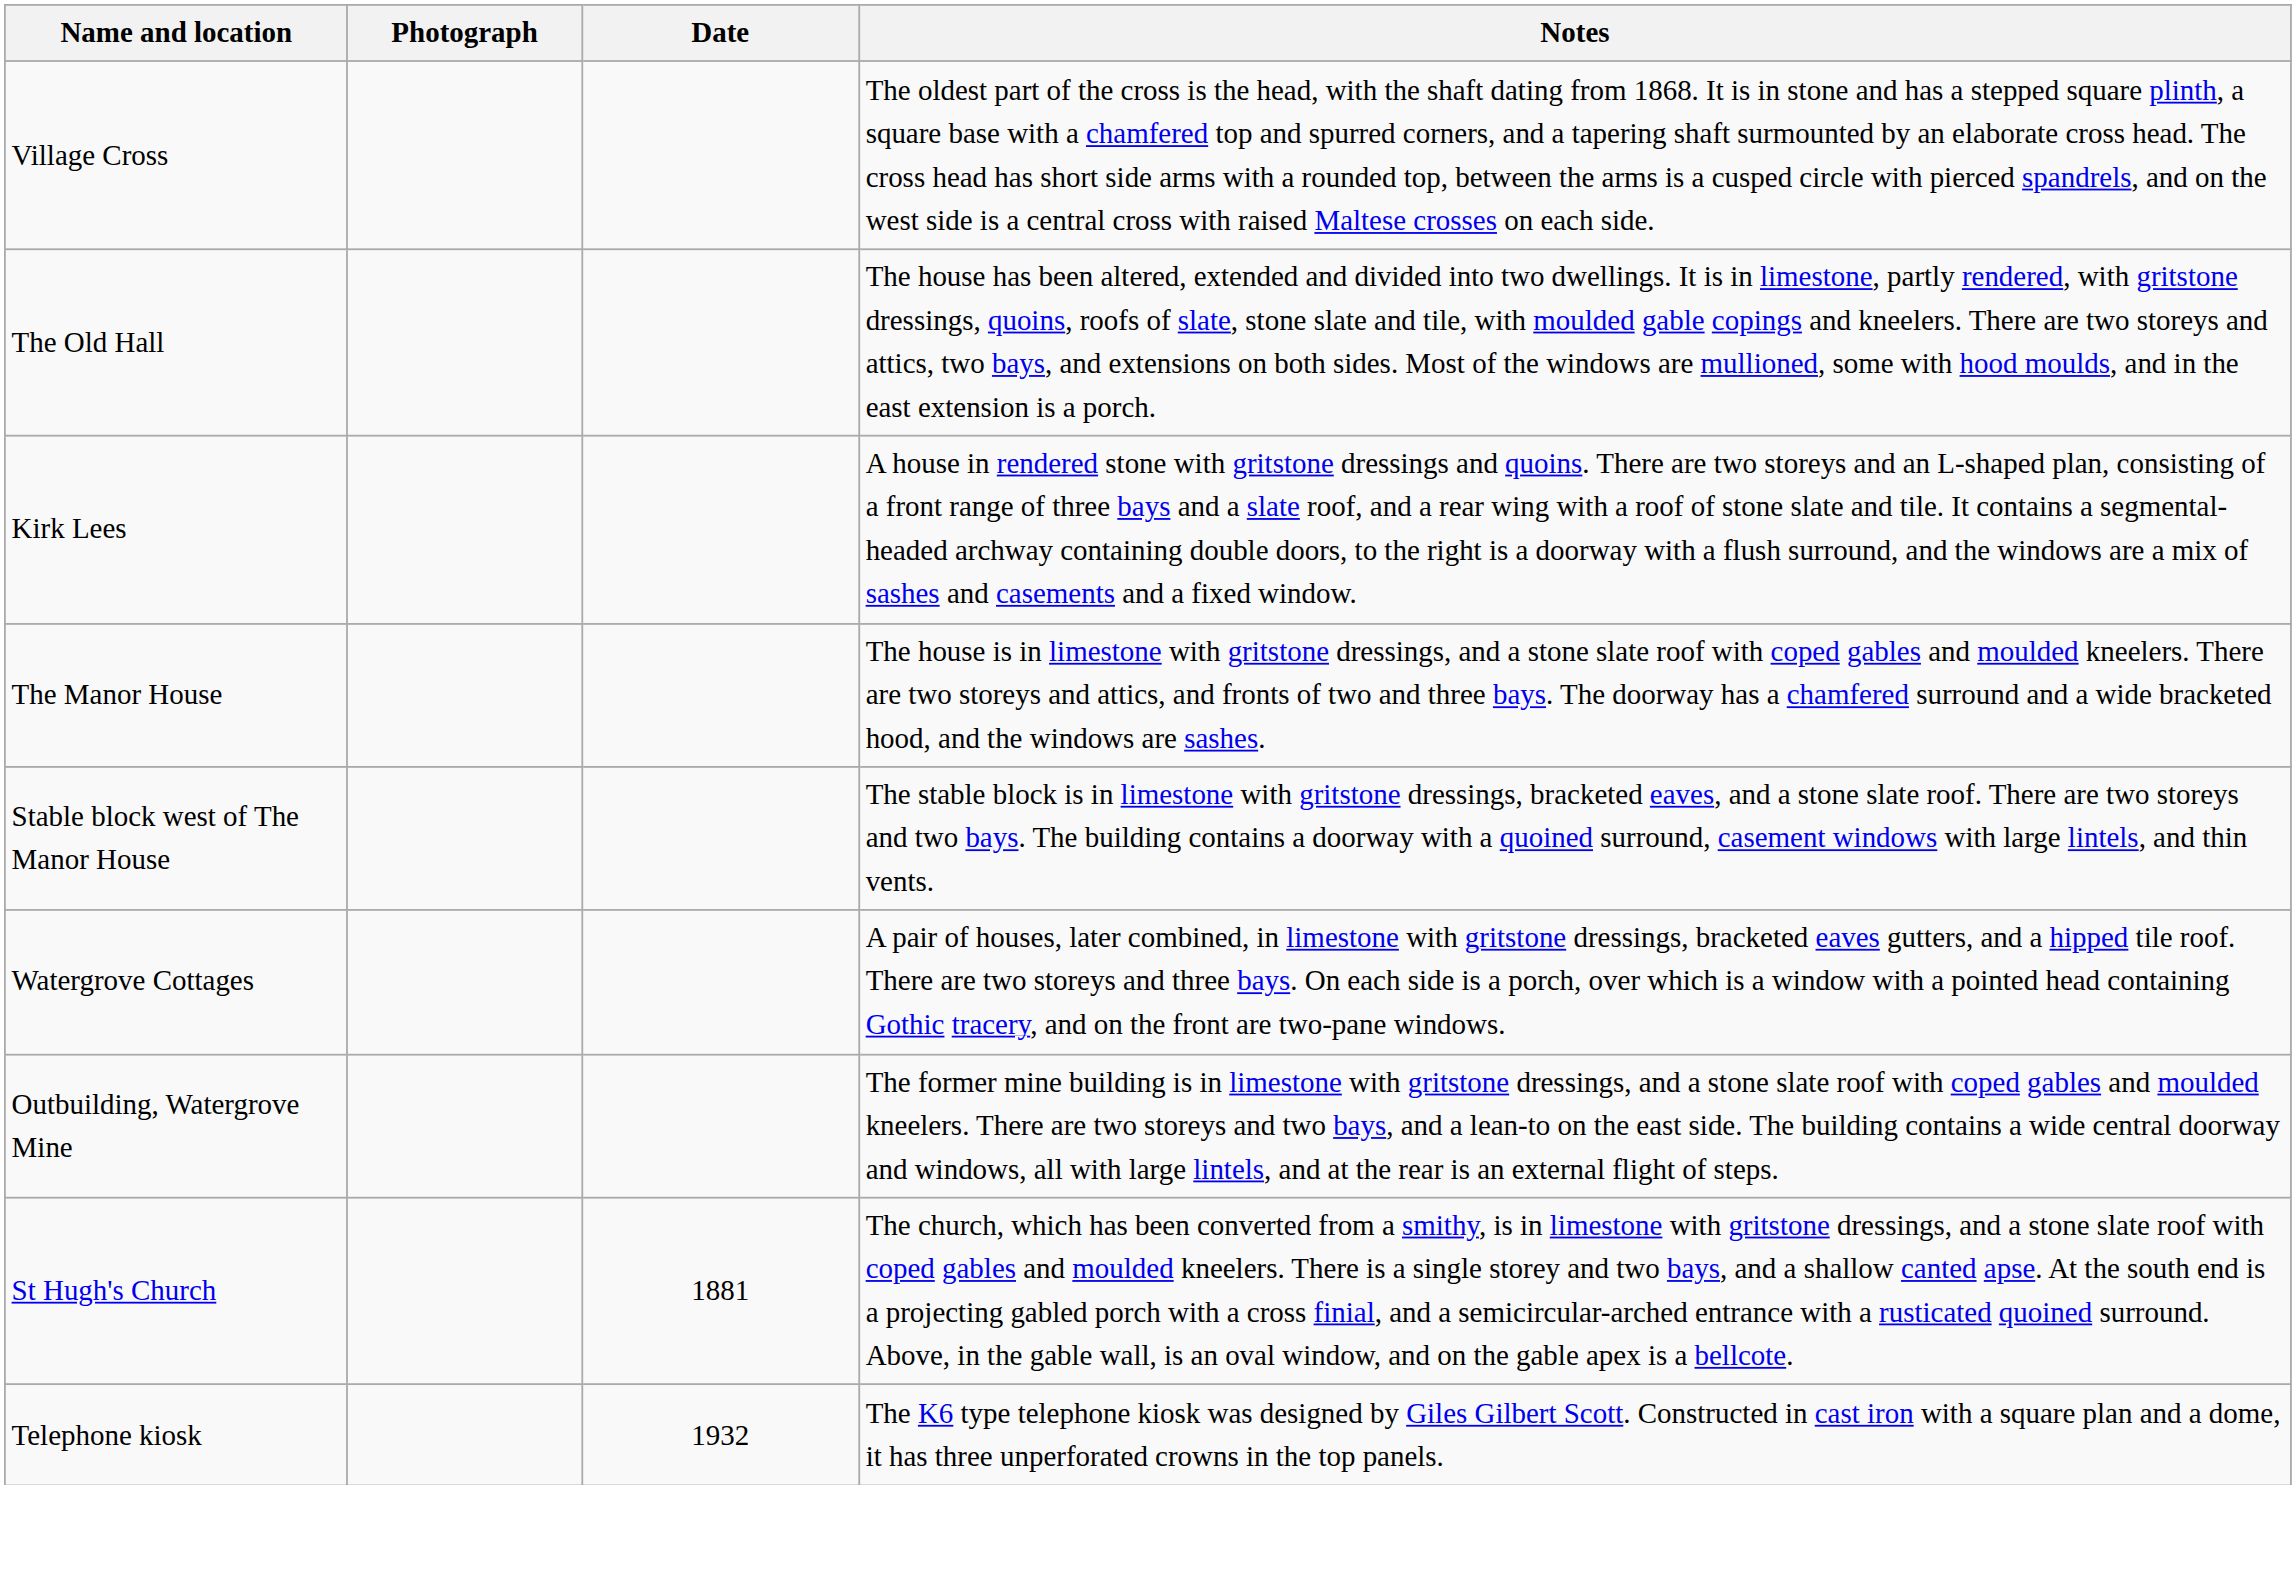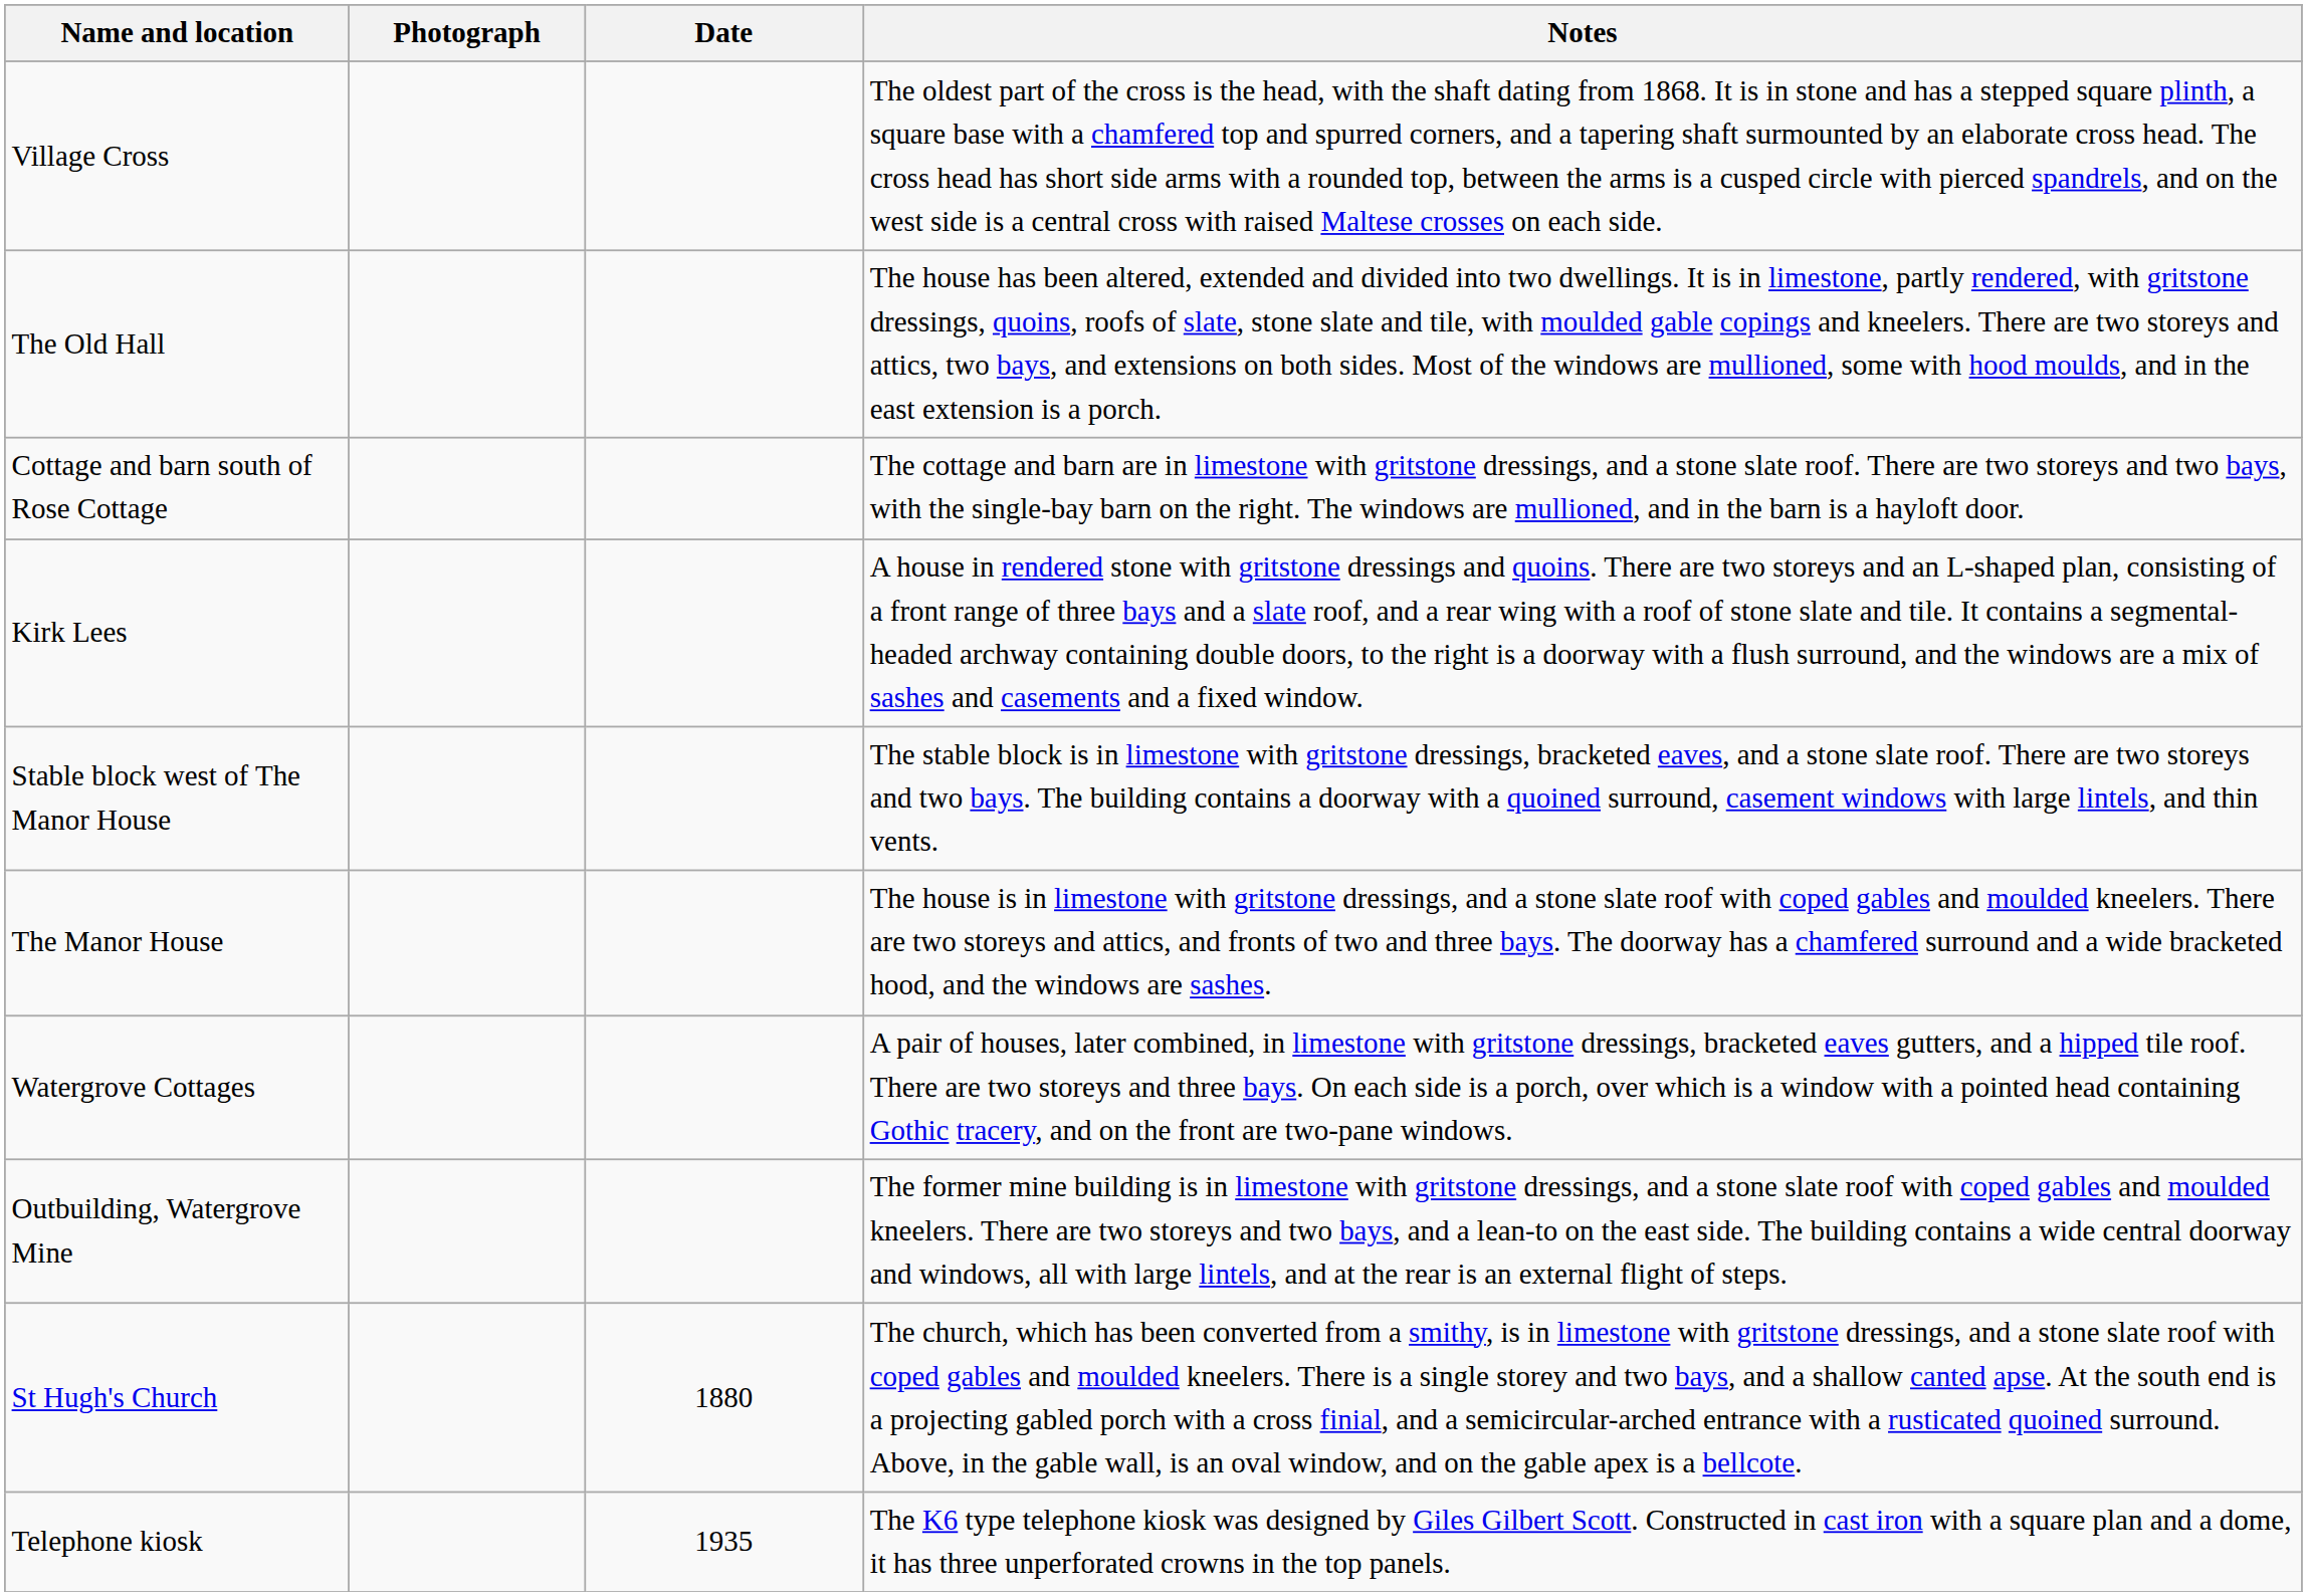 <table class="wikitable sortable plainrowheaders" style="width:100%;border:0px;text-align:left;line-height:150%;">
 <tr>
 <th scope="col"  style="width:150px">Name and location</th>
 <th scope="col"  style="width:100px" class="unsortable">Photograph</th>
 <th scope="col"  style="width:120px">Date</th>
 <th scope="col"  style="width:650px" class="unsortable">Notes</th>
 </tr>
 <tr>
 <td>Village Cross<br><small></small></td>
 <td></td>
 <td align="center"></td>
 <td>The oldest part of the cross is the head, with the shaft dating from 1868.  It is in stone and has a stepped square <a href='#'>plinth</a>, a square base with a <a href='#'>chamfered</a> top and spurred corners, and a tapering shaft surmounted by an elaborate cross head.  The cross head has short side arms with a rounded top, between the arms is a cusped circle with pierced <a href='#'>spandrels</a>, and on the west side is a central cross with raised <a href='#'>Maltese crosses</a> on each side.</td>
 </tr>
 <tr>
 <td>The Old Hall<br><small></small></td>
 <td></td>
 <td align="center"></td>
 <td>The house has been altered, extended and divided into two dwellings.  It is in <a href='#'>limestone</a>, partly <a href='#'>rendered</a>, with <a href='#'>gritstone</a> dressings, <a href='#'>quoins</a>, roofs of <a href='#'>slate</a>, stone slate and tile, with <a href='#'>moulded</a> <a href='#'>gable</a> <a href='#'>copings</a> and kneelers.  There are two storeys and attics, two <a href='#'>bays</a>, and extensions on both sides.  Most of the windows are <a href='#'>mullioned</a>, some with <a href='#'>hood moulds</a>, and in the east extension is a porch.</td>
 </tr>
 <tr>
+<td>Cottage and barn south of Rose Cottage<br><small></small></td>
+<td></td>
+<td align="center"></td>
+<td>The cottage and barn are in <a href='#'>limestone</a> with <a href='#'>gritstone</a> dressings, and a stone slate roof.  There are two storeys and two <a href='#'>bays</a>, with the single-bay barn on the right.  The windows are <a href='#'>mullioned</a>, and in the barn is a hayloft door.</td>
+</tr>
+<tr>
 <td>Kirk Lees<br><small></small></td>
 <td></td>
 <td align="center"></td>
 <td>A house in <a href='#'>rendered</a> stone with <a href='#'>gritstone</a> dressings and <a href='#'>quoins</a>.  There are two storeys and an L-shaped plan, consisting of a front range of three <a href='#'>bays</a> and a <a href='#'>slate</a> roof, and a rear wing with a roof of stone slate and tile.  It contains a segmental-headed archway containing double doors, to the right is a doorway with a flush surround, and the windows are a mix of <a href='#'>sashes</a> and <a href='#'>casements</a> and a fixed window.</td>
 </tr>
 <tr>
+<td>Stable block west of The Manor House<br><small></small></td>
+<td></td>
+<td align="center"></td>
+<td>The stable block is in <a href='#'>limestone</a> with <a href='#'>gritstone</a> dressings, bracketed <a href='#'>eaves</a>, and a stone slate roof.  There are two storeys and two <a href='#'>bays</a>. The building contains a doorway with a <a href='#'>quoined</a> surround, <a href='#'>casement windows</a> with large <a href='#'>lintels</a>, and thin vents.</td>
+</tr>
+<tr>
 <td>The Manor House<br><small></small></td>
 <td></td>
 <td align="center"></td>
 <td>The house is in <a href='#'>limestone</a> with <a href='#'>gritstone</a> dressings, and a stone slate roof with <a href='#'>coped</a> <a href='#'>gables</a> and <a href='#'>moulded</a> kneelers. There are two storeys and attics, and fronts of two and three <a href='#'>bays</a>.  The doorway has a <a href='#'>chamfered</a> surround and a wide bracketed hood, and the windows are <a href='#'>sashes</a>.</td>
-</tr>
-<tr>
-<td>Stable block west of The Manor House<br><small></small></td>
-<td></td>
-<td align="center"></td>
-<td>The stable block is in <a href='#'>limestone</a> with <a href='#'>gritstone</a> dressings, bracketed <a href='#'>eaves</a>, and a stone slate roof.  There are two storeys and two <a href='#'>bays</a>. The building contains a doorway with a <a href='#'>quoined</a> surround, <a href='#'>casement windows</a> with large <a href='#'>lintels</a>, and thin vents.</td>
 </tr>
 <tr>
 <td>Watergrove Cottages<br><small></small></td>
 <td></td>
 <td align="center"></td>
 <td>A pair of houses, later combined, in <a href='#'>limestone</a> with <a href='#'>gritstone</a> dressings, bracketed <a href='#'>eaves</a> gutters, and a <a href='#'>hipped</a> tile roof.  There are two storeys and three <a href='#'>bays</a>.  On each side is a porch, over which is a window with a pointed head containing <a href='#'>Gothic</a> <a href='#'>tracery</a>, and on the front are two-pane windows.</td>
 </tr>
 <tr>
 <td>Outbuilding, Watergrove Mine<br><small></small></td>
 <td></td>
 <td align="center"></td>
 <td>The former mine building is in <a href='#'>limestone</a> with <a href='#'>gritstone</a> dressings, and a stone slate roof with <a href='#'>coped</a> <a href='#'>gables</a> and <a href='#'>moulded</a> kneelers. There are two storeys and two <a href='#'>bays</a>, and a lean-to on the east side.  The building contains a wide central doorway and windows, all with large <a href='#'>lintels</a>, and at the rear is an external flight of steps.</td>
 </tr>
 <tr>
 <td><a href='#'>St Hugh's Church</a><br><small></small></td>
 <td></td>
-<td align="center">1881</td>
+<td align="center">1880</td>
 <td>The church, which has been converted from a <a href='#'>smithy</a>, is in <a href='#'>limestone</a> with <a href='#'>gritstone</a> dressings, and a stone slate roof with <a href='#'>coped</a> <a href='#'>gables</a> and <a href='#'>moulded</a> kneelers.  There is a single storey and two <a href='#'>bays</a>, and a shallow <a href='#'>canted</a> <a href='#'>apse</a>.  At the south end is a projecting gabled porch with a cross <a href='#'>finial</a>, and a semicircular-arched entrance with a <a href='#'>rusticated</a> <a href='#'>quoined</a> surround.  Above, in the gable wall, is an oval window, and on the gable apex is a <a href='#'>bellcote</a>.</td>
 </tr>
 <tr>
 <td>Telephone kiosk<br><small></small></td>
 <td></td>
-<td align="center">1932</td>
+<td align="center">1935</td>
 <td>The <a href='#'>K6</a> type telephone kiosk was designed by <a href='#'>Giles Gilbert Scott</a>.  Constructed in <a href='#'>cast iron</a> with a square plan and a dome, it has three unperforated crowns in the top panels.</td>
 </tr>
 <tr>
 </tr>
 </table>
